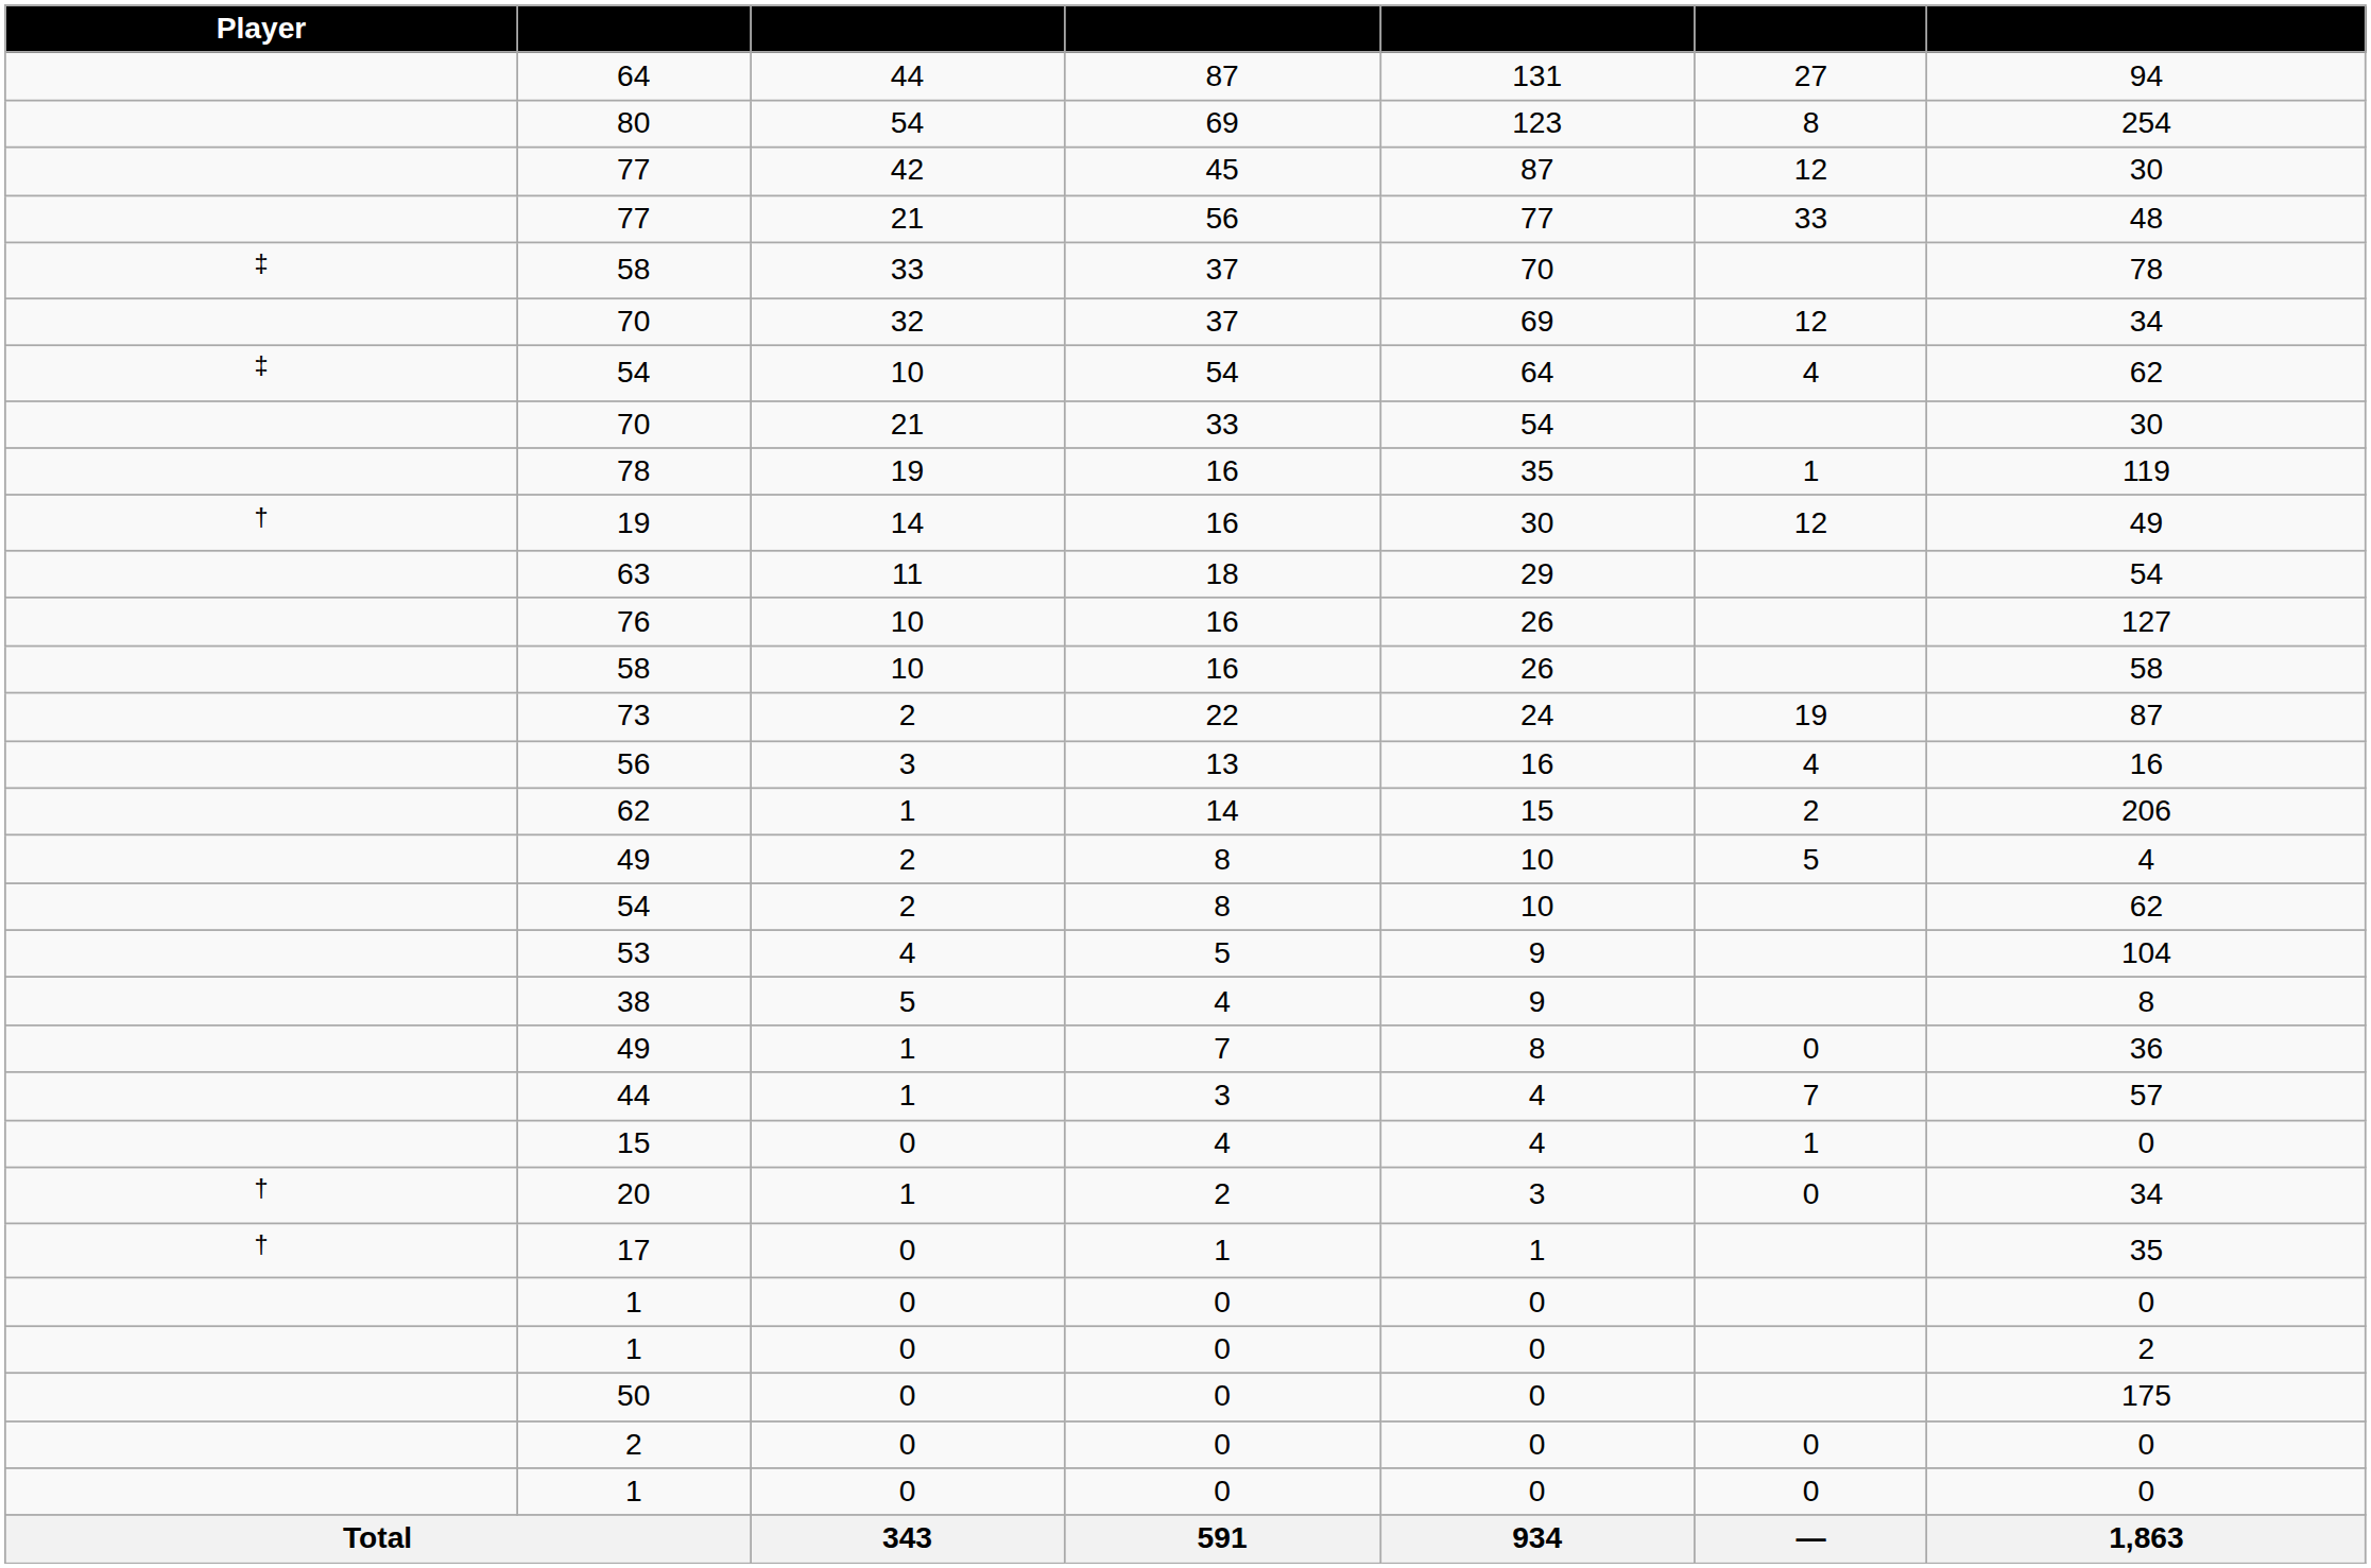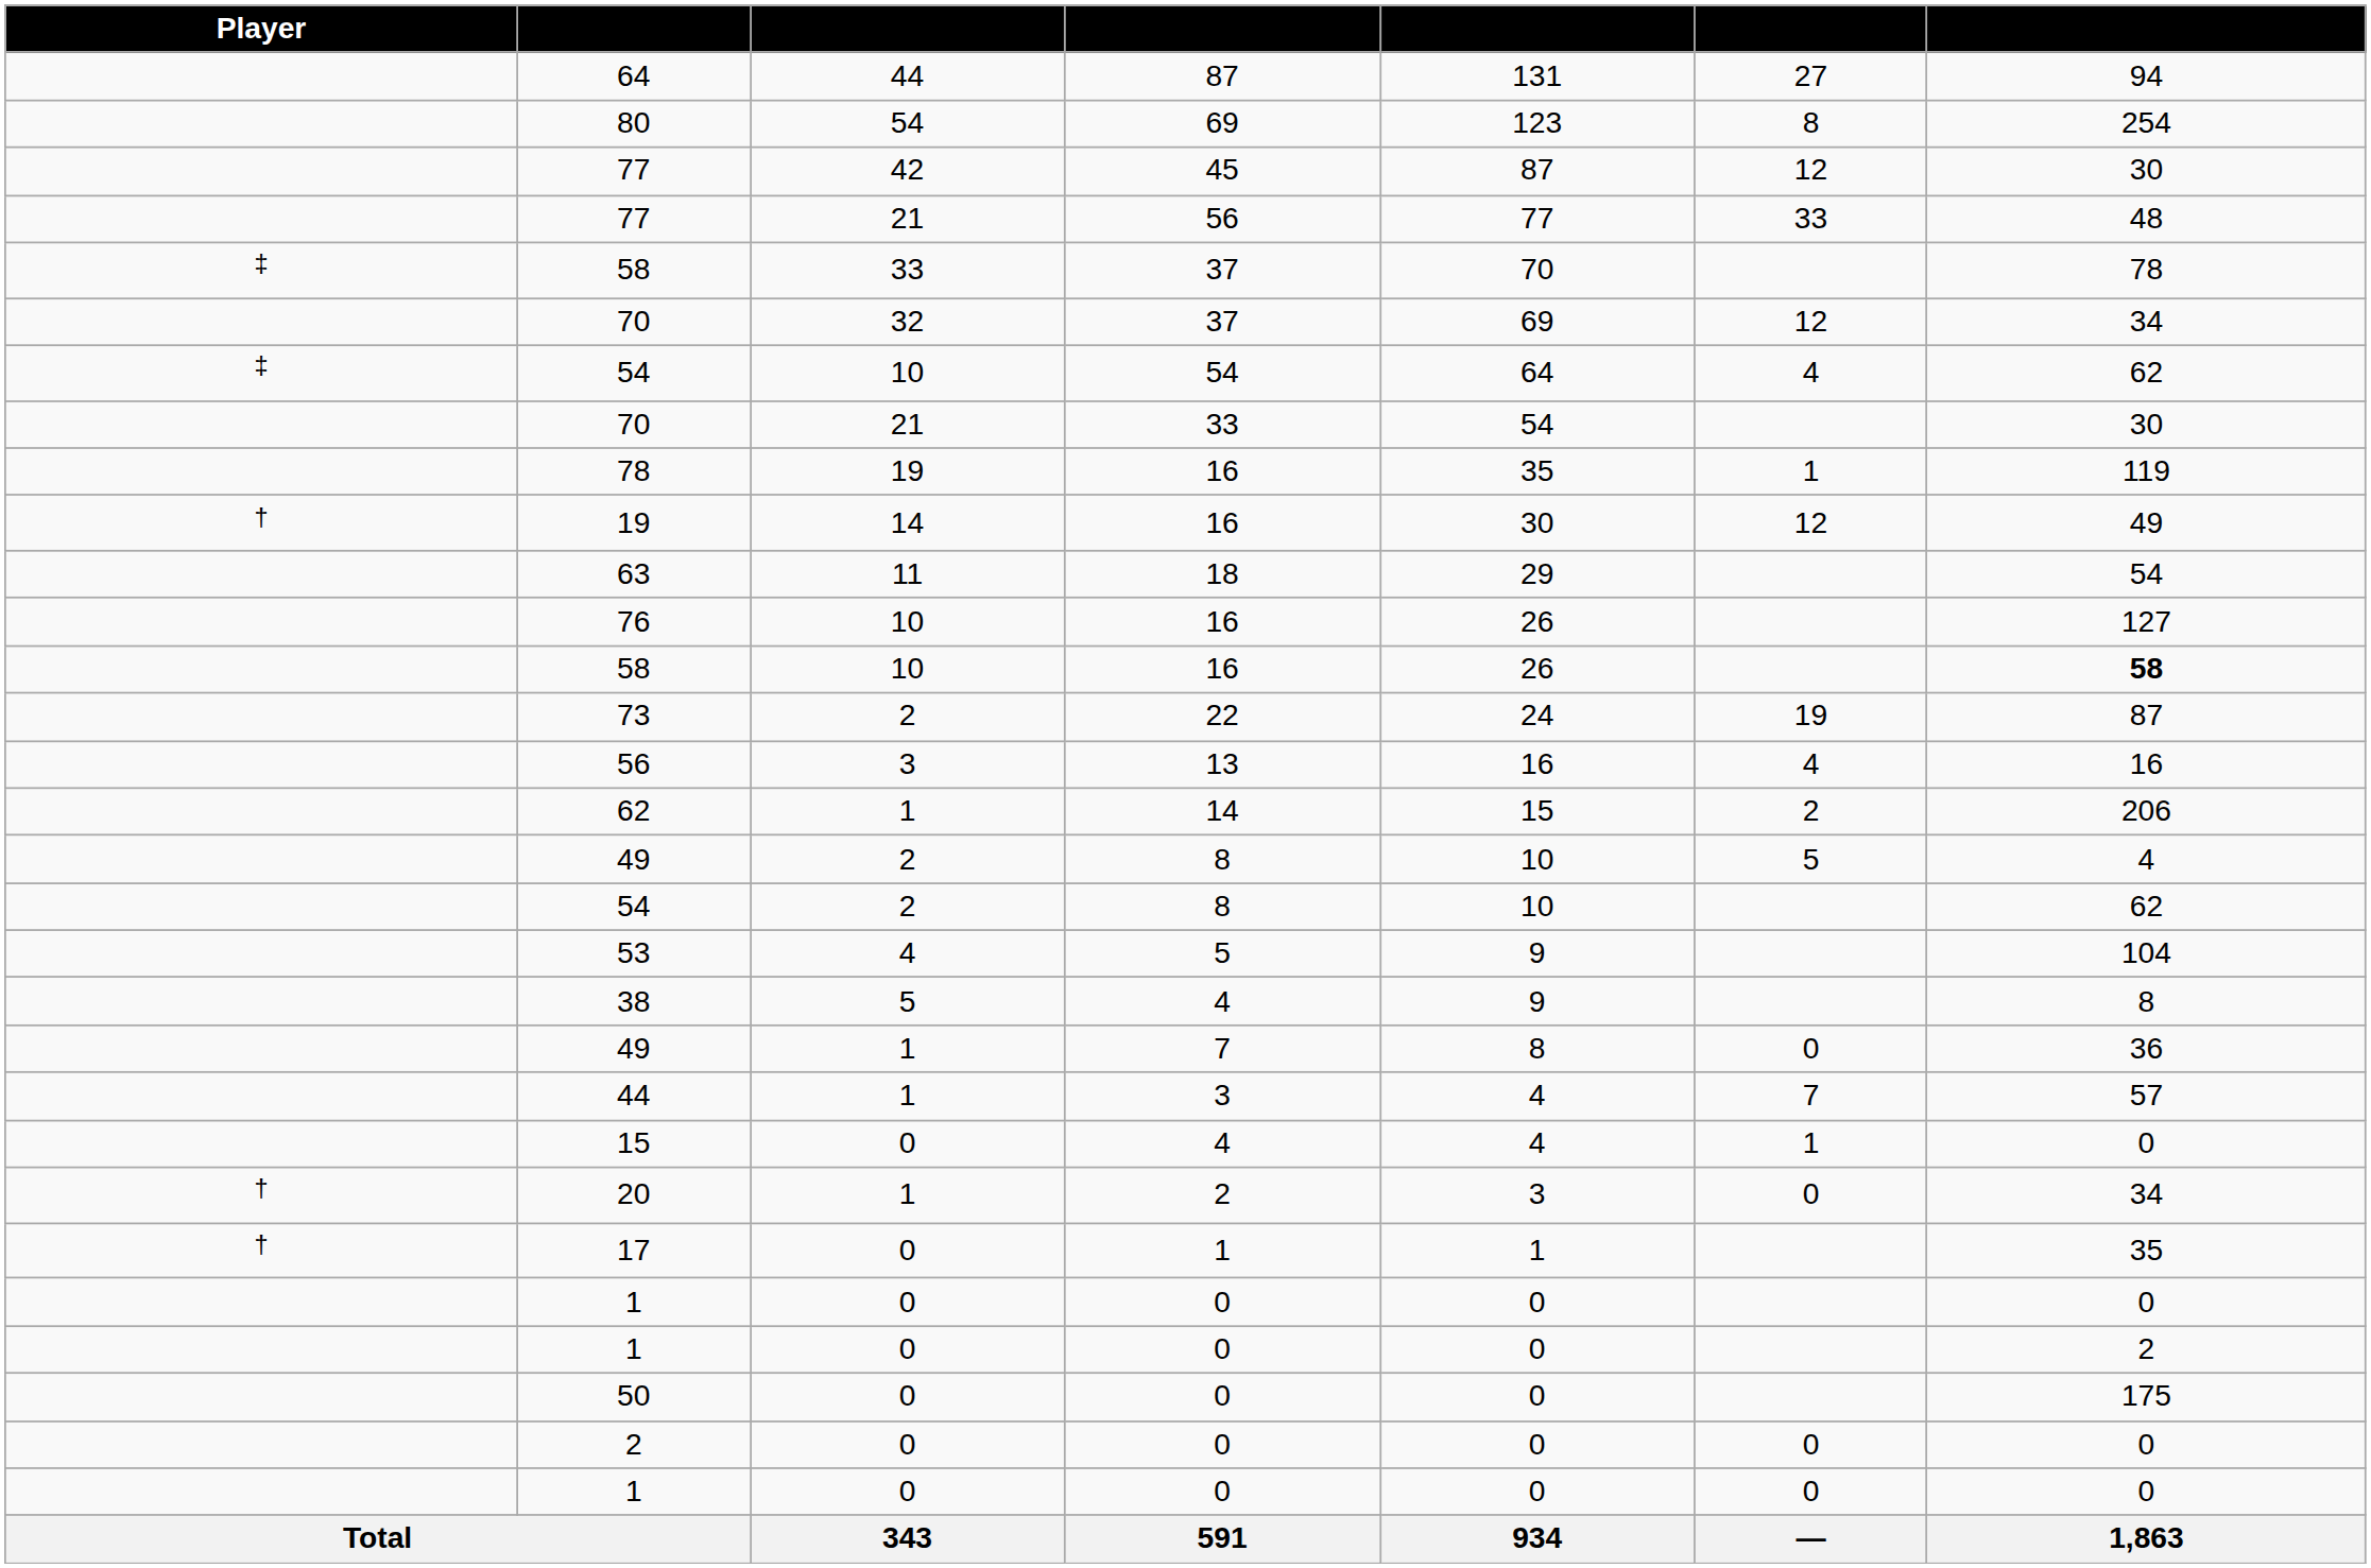 <table class="wikitable sortable" style="width:100%; text-align:center;">
 <tr align=center>
 <th style="color:white; background:#000000; ">Player</th>
 <th style="color:white; background:#000000; "></th>
 <th style="color:white; background:#000000; "></th>
 <th style="color:white; background:#000000; "></th>
 <th style="color:white; background:#000000; "></th>
 <th style="color:white; background:#000000; "></th>
 <th style="color:white; background:#000000; "></th>
 </tr>
 <tr>
 <td></td>
 <td>64</td>
 <td>44</td>
 <td>87</td>
 <td>131</td>
 <td>27</td>
 <td>94</td>
 </tr>
 <tr>
 <td></td>
 <td>80</td>
 <td>54</td>
 <td>69</td>
 <td>123</td>
 <td>8</td>
 <td>254</td>
 </tr>
 <tr>
 <td></td>
 <td>77</td>
 <td>42</td>
 <td>45</td>
 <td>87</td>
 <td>12</td>
 <td>30</td>
 </tr>
 <tr>
 <td></td>
 <td>77</td>
 <td>21</td>
 <td>56</td>
 <td>77</td>
 <td>33</td>
 <td>48</td>
 </tr>
 <tr>
 <td><sup>‡</sup></td>
 <td>58</td>
 <td>33</td>
 <td>37</td>
 <td>70</td>
 <td></td>
 <td>78</td>
 </tr>
 <tr>
 <td></td>
 <td>70</td>
 <td>32</td>
 <td>37</td>
 <td>69</td>
 <td>12</td>
 <td>34</td>
 </tr>
 <tr>
 <td><sup>‡</sup></td>
 <td>54</td>
 <td>10</td>
 <td>54</td>
 <td>64</td>
 <td>4</td>
 <td>62</td>
 </tr>
 <tr>
 <td></td>
 <td>70</td>
 <td>21</td>
 <td>33</td>
 <td>54</td>
 <td></td>
 <td>30</td>
 </tr>
 <tr>
 <td></td>
 <td>78</td>
 <td>19</td>
 <td>16</td>
 <td>35</td>
 <td>1</td>
 <td>119</td>
 </tr>
 <tr>
 <td><sup>†</sup></td>
 <td>19</td>
 <td>14</td>
 <td>16</td>
 <td>30</td>
 <td>12</td>
 <td>49</td>
 </tr>
 <tr>
 <td></td>
 <td>63</td>
 <td>11</td>
 <td>18</td>
 <td>29</td>
 <td></td>
 <td>54</td>
 </tr>
 <tr>
 <td></td>
 <td>76</td>
 <td>10</td>
 <td>16</td>
 <td>26</td>
 <td></td>
 <td>127</td>
 </tr>
 <tr>
 <td></td>
 <td>58</td>
 <td>10</td>
 <td>16</td>
 <td>26</td>
 <td></td>
-<td>58</td>
+<td><strong>58</strong></td>
 </tr>
 <tr>
 <td></td>
 <td>73</td>
 <td>2</td>
 <td>22</td>
 <td>24</td>
 <td>19</td>
 <td>87</td>
 </tr>
 <tr>
 <td></td>
 <td>56</td>
 <td>3</td>
 <td>13</td>
 <td>16</td>
 <td>4</td>
 <td>16</td>
 </tr>
 <tr>
 <td></td>
 <td>62</td>
 <td>1</td>
 <td>14</td>
 <td>15</td>
 <td>2</td>
 <td>206</td>
 </tr>
 <tr>
 <td></td>
 <td>49</td>
 <td>2</td>
 <td>8</td>
 <td>10</td>
 <td>5</td>
 <td>4</td>
 </tr>
 <tr>
 <td></td>
 <td>54</td>
 <td>2</td>
 <td>8</td>
 <td>10</td>
 <td></td>
 <td>62</td>
 </tr>
 <tr>
 <td></td>
 <td>53</td>
 <td>4</td>
 <td>5</td>
 <td>9</td>
 <td></td>
 <td>104</td>
 </tr>
 <tr>
 <td></td>
 <td>38</td>
 <td>5</td>
 <td>4</td>
 <td>9</td>
 <td></td>
 <td>8</td>
 </tr>
 <tr>
 <td></td>
 <td>49</td>
 <td>1</td>
 <td>7</td>
 <td>8</td>
 <td>0</td>
 <td>36</td>
 </tr>
 <tr>
 <td></td>
 <td>44</td>
 <td>1</td>
 <td>3</td>
 <td>4</td>
 <td>7</td>
 <td>57</td>
 </tr>
 <tr>
 <td></td>
 <td>15</td>
 <td>0</td>
 <td>4</td>
 <td>4</td>
 <td>1</td>
 <td>0</td>
 </tr>
 <tr>
 <td><sup>†</sup></td>
 <td>20</td>
 <td>1</td>
 <td>2</td>
 <td>3</td>
 <td>0</td>
 <td>34</td>
 </tr>
 <tr>
 <td><sup>†</sup></td>
 <td>17</td>
 <td>0</td>
 <td>1</td>
 <td>1</td>
 <td></td>
 <td>35</td>
 </tr>
 <tr>
 <td></td>
 <td>1</td>
 <td>0</td>
 <td>0</td>
 <td>0</td>
 <td></td>
 <td>0</td>
 </tr>
 <tr>
 <td></td>
 <td>1</td>
 <td>0</td>
 <td>0</td>
 <td>0</td>
 <td></td>
 <td>2</td>
 </tr>
 <tr>
 <td></td>
 <td>50</td>
 <td>0</td>
 <td>0</td>
 <td>0</td>
 <td></td>
 <td>175</td>
 </tr>
 <tr>
 <td></td>
 <td>2</td>
 <td>0</td>
 <td>0</td>
 <td>0</td>
 <td>0</td>
 <td>0</td>
 </tr>
 <tr>
 <td></td>
 <td>1</td>
 <td>0</td>
 <td>0</td>
 <td>0</td>
 <td>0</td>
 <td>0</td>
 </tr>
 <tr class="sortbotom">
 <th colspan=2>Total</th>
 <th>343</th>
 <th>591</th>
 <th>934</th>
 <th>—</th>
 <th>1,863</th>
 </tr>
 </table>
